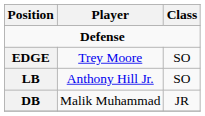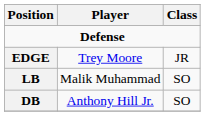 <table class="wikitable">
 <tr>
 <th>Position</th>
 <th>Player</th>
 <th>Class</th>
 </tr>
 <tr>
 <td colspan="4" style="text-align:center; "><strong>Defense</strong></td>
 </tr>
 <tr style="text-align:center;">
 <th rowspan="1">EDGE</th>
 <td><a href='#'>Trey Moore</a></td>
-<td>SO</td>
+<td>JR</td>
 </tr>
 <tr style="text-align:center;">
 <th rowspan="1">LB</th>
-<td><a href='#'>Anthony Hill Jr.</a></td>
+<td>Malik Muhammad</td>
 <td>SO</td>
 </tr>
 <tr style="text-align:center;">
 <th rowspan="1">DB</th>
-<td>Malik Muhammad</td>
-<td>JR</td>
+<td><a href='#'>Anthony Hill Jr.</a></td>
+<td>SO</td>
 </tr>
 <tr>
 </tr>
 </table>
